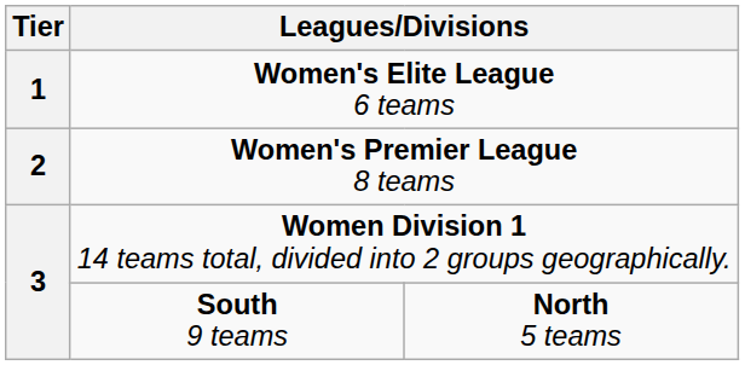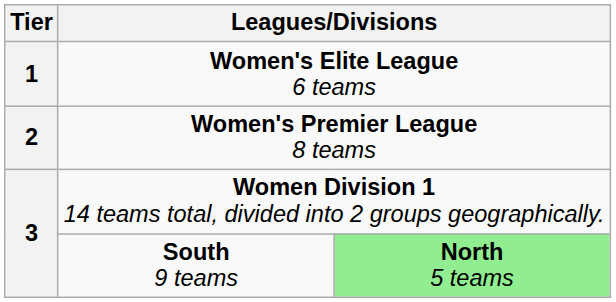 <table class=wikitable>
 <tr>
 <th>Tier</th>
 <th colspan=6>Leagues/Divisions</th>
 </tr>
 <tr>
 <th>1</th>
 <td colspan="6" style="text-align:center;"><strong>Women's Elite League</strong><br><em>6 teams</em></td>
 </tr>
 <tr>
 <th>2</th>
 <td colspan="6" style="text-align:center;"><strong>Women's Premier League</strong><br><em>8 teams</em></td>
 </tr>
 <tr>
 <th rowspan=2>3</th>
 <td colspan="6" style="text-align:center;"><strong>Women Division 1</strong><br><em>14 teams total, divided into 2 groups geographically.</em></td>
 </tr>
 <tr>
 <td align=center><strong>South</strong><br><em>9 teams</em></td>
-<td align=center><strong>North</strong><br><em>5 teams</em></td>
+<td align=center style="background: lightgreen;"><strong>North</strong><br><em>5 teams</em></td>
 </tr>
 </table>
